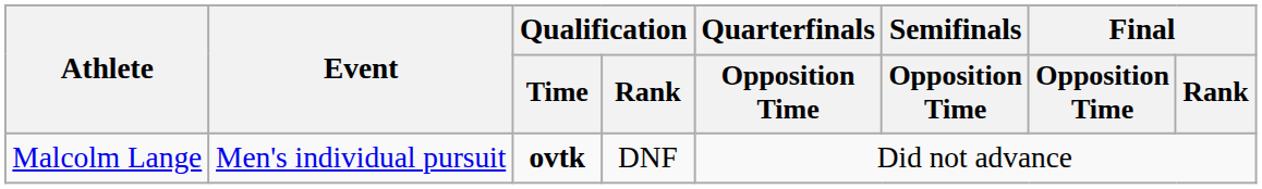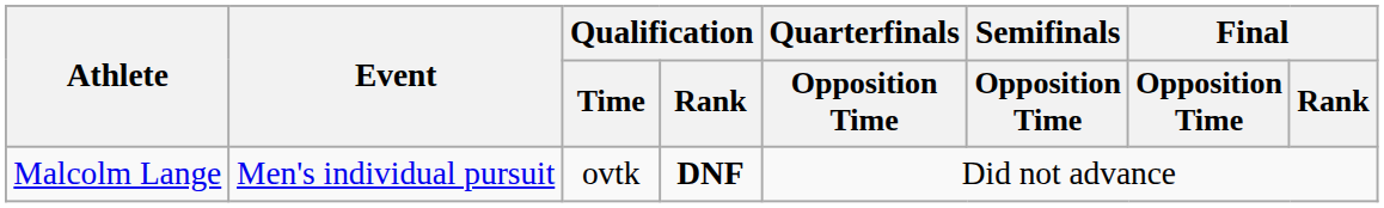 <table class="wikitable" style="font-size:90%">
 <tr>
 <th rowspan="2">Athlete</th>
 <th rowspan="2">Event</th>
 <th colspan=2>Qualification</th>
 <th>Quarterfinals</th>
 <th>Semifinals</th>
 <th colspan=2>Final</th>
 </tr>
 <tr style="font-size:95%">
 <th>Time</th>
 <th>Rank</th>
 <th>Opposition<br>Time</th>
 <th>Opposition<br>Time</th>
 <th>Opposition<br>Time</th>
 <th>Rank</th>
 </tr>
 <tr align=center>
 <td align=left><a href='#'>Malcolm Lange</a></td>
 <td align=left><a href='#'>Men's individual pursuit</a></td>
-<td><strong>ovtk</strong></td>
-<td>DNF</td>
+<td>ovtk</td>
+<td><strong>DNF</strong></td>
 <td colspan=4>Did not advance</td>
 </tr>
 </table>
